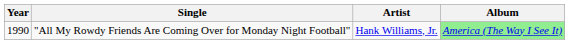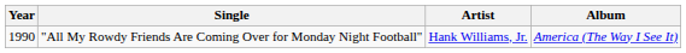 <table class="wikitable">
 <tr>
 <th>Year</th>
 <th>Single</th>
 <th>Artist</th>
 <th>Album</th>
 </tr>
 <tr>
 <td>1990</td>
 <td>"All My Rowdy Friends Are Coming Over for Monday Night Football"</td>
 <td><a href='#'>Hank Williams, Jr.</a></td>
-<td style="background: lightgreen;"><em><a href='#'>America (The Way I See It)</a></em></td>
+<td><em><a href='#'>America (The Way I See It)</a></em></td>
 </tr>
 </table>
